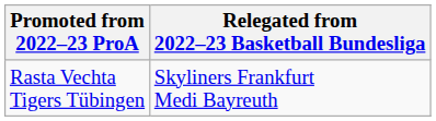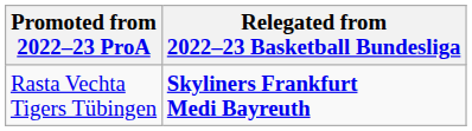 <table class="wikitable">
 <tr>
 <th>Promoted from<br><a href='#'>2022–23 ProA</a></th>
 <th>Relegated from<br><a href='#'>2022–23 Basketball Bundesliga</a></th>
 </tr>
 <tr>
 <td><a href='#'>Rasta Vechta</a><br><a href='#'>Tigers Tübingen</a></td>
-<td><a href='#'>Skyliners Frankfurt</a><br><a href='#'>Medi Bayreuth</a></td>
+<td><strong><a href='#'>Skyliners Frankfurt</a><br><a href='#'>Medi Bayreuth</a></strong></td>
 </tr>
 </table>
